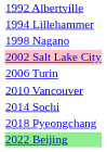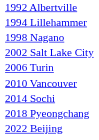 <table>
 <tr valign="top">
 <td><a href='#'>1992 Albertville</a><br></td>
 <td></td>
 <td></td>
 <td></td>
 </tr>
 <tr valign="top">
 <td><a href='#'>1994 Lillehammer</a><br></td>
 <td></td>
 <td></td>
 <td></td>
 </tr>
 <tr valign="top">
 <td><a href='#'>1998 Nagano</a><br></td>
 <td></td>
 <td></td>
 <td></td>
 </tr>
 <tr valign="top">
-<td style="background: pink;"><a href='#'>2002 Salt Lake City</a><br></td>
+<td><a href='#'>2002 Salt Lake City</a><br></td>
 <td></td>
 <td></td>
 <td></td>
 </tr>
 <tr valign="top">
 <td><a href='#'>2006 Turin</a><br></td>
 <td></td>
 <td></td>
 <td></td>
 </tr>
 <tr valign="top">
 <td><a href='#'>2010 Vancouver</a><br></td>
 <td></td>
 <td></td>
 <td></td>
 </tr>
 <tr valign="top">
 <td><a href='#'>2014 Sochi</a><br></td>
 <td></td>
 <td></td>
 <td></td>
 </tr>
 <tr valign="top">
 <td><a href='#'>2018 Pyeongchang</a><br></td>
 <td></td>
 <td></td>
 <td></td>
 </tr>
 <tr>
-<td style="background: lightgreen;"><a href='#'>2022 Beijing</a> <br></td>
+<td><a href='#'>2022 Beijing</a> <br></td>
 <td></td>
 <td></td>
 <td></td>
 </tr>
 <tr>
 </tr>
 </table>
